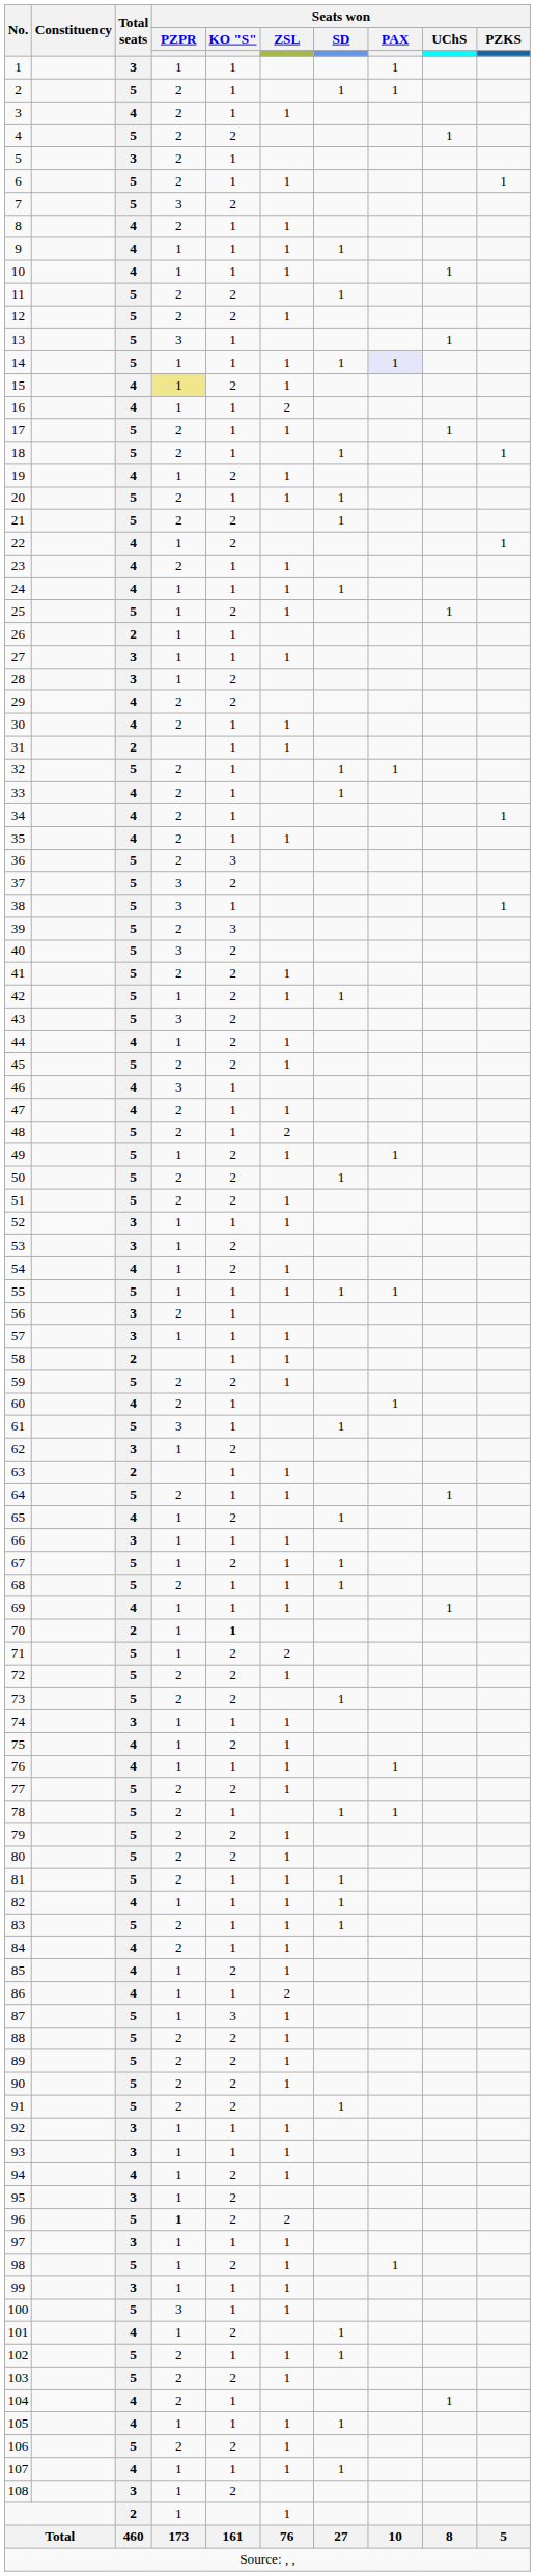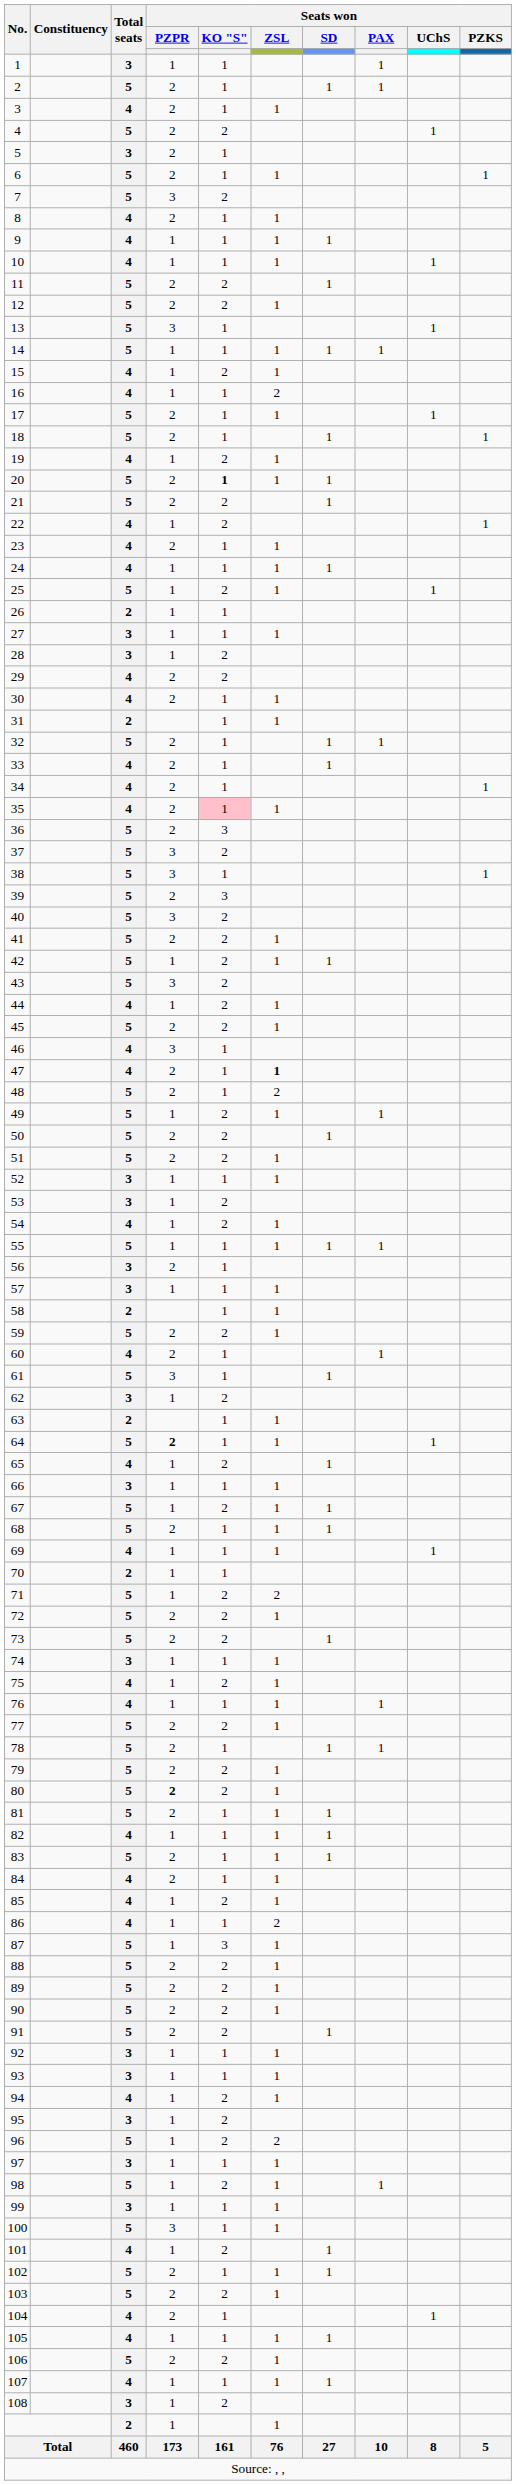 <table class="wikitable" style="text-align:center; font-size: 0.9em;">
 <tr>
 <th rowspan="3">No.</th>
 <th rowspan="3">Constituency</th>
 <th rowspan="3">Total<br>seats</th>
 <th colspan="7">Seats won</th>
 </tr>
 <tr>
 <th class="unsortable" style="width:50px;"><a href='#'>PZPR</a></th>
 <th class="unsortable" style="width:50px;"><a href='#'>KO "S"</a></th>
 <th class="unsortable" style="width:50px;"><a href='#'>ZSL</a></th>
 <th class="unsortable" style="width:50px;"><a href='#'>SD</a></th>
 <th class="unsortable" style="width:50px;"><a href='#'>PAX</a></th>
 <th class="unsortable" style="width:50px;">UChS</th>
 <th class="unsortable" style="width:50px;">PZKS</th>
 </tr>
 <tr>
 <th style="background:"></th>
 <th style="background:"></th>
 <th style="background:#A4BA45;"></th>
 <th style="background:#6495ED;"></th>
 <th style="background:"></th>
 <th style="background:#00FFFF;"></th>
 <th style="background:#1465A4;"></th>
 </tr>
 <tr>
 <td>1</td>
 <td></td>
 <th>3</th>
 <td>1</td>
 <td>1</td>
 <td></td>
 <td></td>
 <td>1</td>
 <td></td>
 <td></td>
 </tr>
 <tr>
 <td>2</td>
 <td></td>
 <th>5</th>
 <td>2</td>
 <td>1</td>
 <td></td>
 <td>1</td>
 <td>1</td>
 <td></td>
 <td></td>
 </tr>
 <tr>
 <td>3</td>
 <td></td>
 <th>4</th>
 <td>2</td>
 <td>1</td>
 <td>1</td>
 <td></td>
 <td></td>
 <td></td>
 <td></td>
 </tr>
 <tr>
 <td>4</td>
 <td></td>
 <th>5</th>
 <td>2</td>
 <td>2</td>
 <td></td>
 <td></td>
 <td></td>
 <td>1</td>
 <td></td>
 </tr>
 <tr>
 <td>5</td>
 <td></td>
 <th>3</th>
 <td>2</td>
 <td>1</td>
 <td></td>
 <td></td>
 <td></td>
 <td></td>
 <td></td>
 </tr>
 <tr>
 <td>6</td>
 <td></td>
 <th>5</th>
 <td>2</td>
 <td>1</td>
 <td>1</td>
 <td></td>
 <td></td>
 <td></td>
 <td>1</td>
 </tr>
 <tr>
 <td>7</td>
 <td></td>
 <th>5</th>
 <td>3</td>
 <td>2</td>
 <td></td>
 <td></td>
 <td></td>
 <td></td>
 <td></td>
 </tr>
 <tr>
 <td>8</td>
 <td></td>
 <th>4</th>
 <td>2</td>
 <td>1</td>
 <td>1</td>
 <td></td>
 <td></td>
 <td></td>
 <td></td>
 </tr>
 <tr>
 <td>9</td>
 <td></td>
 <th>4</th>
 <td>1</td>
 <td>1</td>
 <td>1</td>
 <td>1</td>
 <td></td>
 <td></td>
 <td></td>
 </tr>
 <tr>
 <td>10</td>
 <td></td>
 <th>4</th>
 <td>1</td>
 <td>1</td>
 <td>1</td>
 <td></td>
 <td></td>
 <td>1</td>
 <td></td>
 </tr>
 <tr>
 <td>11</td>
 <td></td>
 <th>5</th>
 <td>2</td>
 <td>2</td>
 <td></td>
 <td>1</td>
 <td></td>
 <td></td>
 <td></td>
 </tr>
 <tr>
 <td>12</td>
 <td></td>
 <th>5</th>
 <td>2</td>
 <td>2</td>
 <td>1</td>
 <td></td>
 <td></td>
 <td></td>
 <td></td>
 </tr>
 <tr>
 <td>13</td>
 <td></td>
 <th>5</th>
 <td>3</td>
 <td>1</td>
 <td></td>
 <td></td>
 <td></td>
 <td>1</td>
 <td></td>
 </tr>
 <tr>
 <td>14</td>
 <td></td>
 <th>5</th>
 <td>1</td>
 <td>1</td>
 <td>1</td>
 <td>1</td>
-<td style="background: lavender;">1</td>
+<td>1</td>
 <td></td>
 <td></td>
 </tr>
 <tr>
 <td>15</td>
 <td></td>
 <th>4</th>
-<td style="background: khaki;">1</td>
+<td>1</td>
 <td>2</td>
 <td>1</td>
 <td></td>
 <td></td>
 <td></td>
 <td></td>
 </tr>
 <tr>
 <td>16</td>
 <td></td>
 <th>4</th>
 <td>1</td>
 <td>1</td>
 <td>2</td>
 <td></td>
 <td></td>
 <td></td>
 <td></td>
 </tr>
 <tr>
 <td>17</td>
 <td></td>
 <th>5</th>
 <td>2</td>
 <td>1</td>
 <td>1</td>
 <td></td>
 <td></td>
 <td>1</td>
 <td></td>
 </tr>
 <tr>
 <td>18</td>
 <td></td>
 <th>5</th>
 <td>2</td>
 <td>1</td>
 <td></td>
 <td>1</td>
 <td></td>
 <td></td>
 <td>1</td>
 </tr>
 <tr>
 <td>19</td>
 <td></td>
 <th>4</th>
 <td>1</td>
 <td>2</td>
 <td>1</td>
 <td></td>
 <td></td>
 <td></td>
 <td></td>
 </tr>
 <tr>
 <td>20</td>
 <td></td>
 <th>5</th>
 <td>2</td>
-<td>1</td>
+<td><strong>1</strong></td>
 <td>1</td>
 <td>1</td>
 <td></td>
 <td></td>
 <td></td>
 </tr>
 <tr>
 <td>21</td>
 <td></td>
 <th>5</th>
 <td>2</td>
 <td>2</td>
 <td></td>
 <td>1</td>
 <td></td>
 <td></td>
 <td></td>
 </tr>
 <tr>
 <td>22</td>
 <td></td>
 <th>4</th>
 <td>1</td>
 <td>2</td>
 <td></td>
 <td></td>
 <td></td>
 <td></td>
 <td>1</td>
 </tr>
 <tr>
 <td>23</td>
 <td></td>
 <th>4</th>
 <td>2</td>
 <td>1</td>
 <td>1</td>
 <td></td>
 <td></td>
 <td></td>
 <td></td>
 </tr>
 <tr>
 <td>24</td>
 <td></td>
 <th>4</th>
 <td>1</td>
 <td>1</td>
 <td>1</td>
 <td>1</td>
 <td></td>
 <td></td>
 <td></td>
 </tr>
 <tr>
 <td>25</td>
 <td></td>
 <th>5</th>
 <td>1</td>
 <td>2</td>
 <td>1</td>
 <td></td>
 <td></td>
 <td>1</td>
 <td></td>
 </tr>
 <tr>
 <td>26</td>
 <td></td>
 <th>2</th>
 <td>1</td>
 <td>1</td>
 <td></td>
 <td></td>
 <td></td>
 <td></td>
 <td></td>
 </tr>
 <tr>
 <td>27</td>
 <td></td>
 <th>3</th>
 <td>1</td>
 <td>1</td>
 <td>1</td>
 <td></td>
 <td></td>
 <td></td>
 <td></td>
 </tr>
 <tr>
 <td>28</td>
 <td></td>
 <th>3</th>
 <td>1</td>
 <td>2</td>
 <td></td>
 <td></td>
 <td></td>
 <td></td>
 <td></td>
 </tr>
 <tr>
 <td>29</td>
 <td></td>
 <th>4</th>
 <td>2</td>
 <td>2</td>
 <td></td>
 <td></td>
 <td></td>
 <td></td>
 <td></td>
 </tr>
 <tr>
 <td>30</td>
 <td></td>
 <th>4</th>
 <td>2</td>
 <td>1</td>
 <td>1</td>
 <td></td>
 <td></td>
 <td></td>
 <td></td>
 </tr>
 <tr>
 <td>31</td>
 <td></td>
 <th>2</th>
 <td></td>
 <td>1</td>
 <td>1</td>
 <td></td>
 <td></td>
 <td></td>
 <td></td>
 </tr>
 <tr>
 <td>32</td>
 <td></td>
 <th>5</th>
 <td>2</td>
 <td>1</td>
 <td></td>
 <td>1</td>
 <td>1</td>
 <td></td>
 <td></td>
 </tr>
 <tr>
 <td>33</td>
 <td></td>
 <th>4</th>
 <td>2</td>
 <td>1</td>
 <td></td>
 <td>1</td>
 <td></td>
 <td></td>
 <td></td>
 </tr>
 <tr>
 <td>34</td>
 <td></td>
 <th>4</th>
 <td>2</td>
 <td>1</td>
 <td></td>
 <td></td>
 <td></td>
 <td></td>
 <td>1</td>
 </tr>
 <tr>
 <td>35</td>
 <td></td>
 <th>4</th>
 <td>2</td>
-<td>1</td>
+<td style="background: pink;">1</td>
 <td>1</td>
 <td></td>
 <td></td>
 <td></td>
 <td></td>
 </tr>
 <tr>
 <td>36</td>
 <td></td>
 <th>5</th>
 <td>2</td>
 <td>3</td>
 <td></td>
 <td></td>
 <td></td>
 <td></td>
 <td></td>
 </tr>
 <tr>
 <td>37</td>
 <td></td>
 <th>5</th>
 <td>3</td>
 <td>2</td>
 <td></td>
 <td></td>
 <td></td>
 <td></td>
 <td></td>
 </tr>
 <tr>
 <td>38</td>
 <td></td>
 <th>5</th>
 <td>3</td>
 <td>1</td>
 <td></td>
 <td></td>
 <td></td>
 <td></td>
 <td>1</td>
 </tr>
 <tr>
 <td>39</td>
 <td></td>
 <th>5</th>
 <td>2</td>
 <td>3</td>
 <td></td>
 <td></td>
 <td></td>
 <td></td>
 <td></td>
 </tr>
 <tr>
 <td>40</td>
 <td></td>
 <th>5</th>
 <td>3</td>
 <td>2</td>
 <td></td>
 <td></td>
 <td></td>
 <td></td>
 <td></td>
 </tr>
 <tr>
 <td>41</td>
 <td></td>
 <th>5</th>
 <td>2</td>
 <td>2</td>
 <td>1</td>
 <td></td>
 <td></td>
 <td></td>
 <td></td>
 </tr>
 <tr>
 <td>42</td>
 <td></td>
 <th>5</th>
 <td>1</td>
 <td>2</td>
 <td>1</td>
 <td>1</td>
 <td></td>
 <td></td>
 <td></td>
 </tr>
 <tr>
 <td>43</td>
 <td></td>
 <th>5</th>
 <td>3</td>
 <td>2</td>
 <td></td>
 <td></td>
 <td></td>
 <td></td>
 <td></td>
 </tr>
 <tr>
 <td>44</td>
 <td></td>
 <th>4</th>
 <td>1</td>
 <td>2</td>
 <td>1</td>
 <td></td>
 <td></td>
 <td></td>
 <td></td>
 </tr>
 <tr>
 <td>45</td>
 <td></td>
 <th>5</th>
 <td>2</td>
 <td>2</td>
 <td>1</td>
 <td></td>
 <td></td>
 <td></td>
 <td></td>
 </tr>
 <tr>
 <td>46</td>
 <td></td>
 <th>4</th>
 <td>3</td>
 <td>1</td>
 <td></td>
 <td></td>
 <td></td>
 <td></td>
 <td></td>
 </tr>
 <tr>
 <td>47</td>
 <td></td>
 <th>4</th>
 <td>2</td>
 <td>1</td>
-<td>1</td>
+<td><strong>1</strong></td>
 <td></td>
 <td></td>
 <td></td>
 <td></td>
 </tr>
 <tr>
 <td>48</td>
 <td></td>
 <th>5</th>
 <td>2</td>
 <td>1</td>
 <td>2</td>
 <td></td>
 <td></td>
 <td></td>
 <td></td>
 </tr>
 <tr>
 <td>49</td>
 <td></td>
 <th>5</th>
 <td>1</td>
 <td>2</td>
 <td>1</td>
 <td></td>
 <td>1</td>
 <td></td>
 <td></td>
 </tr>
 <tr>
 <td>50</td>
 <td></td>
 <th>5</th>
 <td>2</td>
 <td>2</td>
 <td></td>
 <td>1</td>
 <td></td>
 <td></td>
 <td></td>
 </tr>
 <tr>
 <td>51</td>
 <td></td>
 <th>5</th>
 <td>2</td>
 <td>2</td>
 <td>1</td>
 <td></td>
 <td></td>
 <td></td>
 <td></td>
 </tr>
 <tr>
 <td>52</td>
 <td></td>
 <th>3</th>
 <td>1</td>
 <td>1</td>
 <td>1</td>
 <td></td>
 <td></td>
 <td></td>
 <td></td>
 </tr>
 <tr>
 <td>53</td>
 <td></td>
 <th>3</th>
 <td>1</td>
 <td>2</td>
 <td></td>
 <td></td>
 <td></td>
 <td></td>
 <td></td>
 </tr>
 <tr>
 <td>54</td>
 <td></td>
 <th>4</th>
 <td>1</td>
 <td>2</td>
 <td>1</td>
 <td></td>
 <td></td>
 <td></td>
 <td></td>
 </tr>
 <tr>
 <td>55</td>
 <td></td>
 <th>5</th>
 <td>1</td>
 <td>1</td>
 <td>1</td>
 <td>1</td>
 <td>1</td>
 <td></td>
 <td></td>
 </tr>
 <tr>
 <td>56</td>
 <td></td>
 <th>3</th>
 <td>2</td>
 <td>1</td>
 <td></td>
 <td></td>
 <td></td>
 <td></td>
 <td></td>
 </tr>
 <tr>
 <td>57</td>
 <td></td>
 <th>3</th>
 <td>1</td>
 <td>1</td>
 <td>1</td>
 <td></td>
 <td></td>
 <td></td>
 <td></td>
 </tr>
 <tr>
 <td>58</td>
 <td></td>
 <th>2</th>
 <td></td>
 <td>1</td>
 <td>1</td>
 <td></td>
 <td></td>
 <td></td>
 <td></td>
 </tr>
 <tr>
 <td>59</td>
 <td></td>
 <th>5</th>
 <td>2</td>
 <td>2</td>
 <td>1</td>
 <td></td>
 <td></td>
 <td></td>
 <td></td>
 </tr>
 <tr>
 <td>60</td>
 <td></td>
 <th>4</th>
 <td>2</td>
 <td>1</td>
 <td></td>
 <td></td>
 <td>1</td>
 <td></td>
 <td></td>
 </tr>
 <tr>
 <td>61</td>
 <td></td>
 <th>5</th>
 <td>3</td>
 <td>1</td>
 <td></td>
 <td>1</td>
 <td></td>
 <td></td>
 <td></td>
 </tr>
 <tr>
 <td>62</td>
 <td></td>
 <th>3</th>
 <td>1</td>
 <td>2</td>
 <td></td>
 <td></td>
 <td></td>
 <td></td>
 <td></td>
 </tr>
 <tr>
 <td>63</td>
 <td></td>
 <th>2</th>
 <td></td>
 <td>1</td>
 <td>1</td>
 <td></td>
 <td></td>
 <td></td>
 <td></td>
 </tr>
 <tr>
 <td>64</td>
 <td></td>
 <th>5</th>
-<td>2</td>
+<td><strong>2</strong></td>
 <td>1</td>
 <td>1</td>
 <td></td>
 <td></td>
 <td>1</td>
 <td></td>
 </tr>
 <tr>
 <td>65</td>
 <td></td>
 <th>4</th>
 <td>1</td>
 <td>2</td>
 <td></td>
 <td>1</td>
 <td></td>
 <td></td>
 <td></td>
 </tr>
 <tr>
 <td>66</td>
 <td></td>
 <th>3</th>
 <td>1</td>
 <td>1</td>
 <td>1</td>
 <td></td>
 <td></td>
 <td></td>
 <td></td>
 </tr>
 <tr>
 <td>67</td>
 <td></td>
 <th>5</th>
 <td>1</td>
 <td>2</td>
 <td>1</td>
 <td>1</td>
 <td></td>
 <td></td>
 <td></td>
 </tr>
 <tr>
 <td>68</td>
 <td></td>
 <th>5</th>
 <td>2</td>
 <td>1</td>
 <td>1</td>
 <td>1</td>
 <td></td>
 <td></td>
 <td></td>
 </tr>
 <tr>
 <td>69</td>
 <td></td>
 <th>4</th>
 <td>1</td>
 <td>1</td>
 <td>1</td>
 <td></td>
 <td></td>
 <td>1</td>
 <td></td>
 </tr>
 <tr>
 <td>70</td>
 <td></td>
 <th>2</th>
 <td>1</td>
-<td><strong>1</strong></td>
+<td>1</td>
 <td></td>
 <td></td>
 <td></td>
 <td></td>
 <td></td>
 </tr>
 <tr>
 <td>71</td>
 <td></td>
 <th>5</th>
 <td>1</td>
 <td>2</td>
 <td>2</td>
 <td></td>
 <td></td>
 <td></td>
 <td></td>
 </tr>
 <tr>
 <td>72</td>
 <td></td>
 <th>5</th>
 <td>2</td>
 <td>2</td>
 <td>1</td>
 <td></td>
 <td></td>
 <td></td>
 <td></td>
 </tr>
 <tr>
 <td>73</td>
 <td></td>
 <th>5</th>
 <td>2</td>
 <td>2</td>
 <td></td>
 <td>1</td>
 <td></td>
 <td></td>
 <td></td>
 </tr>
 <tr>
 <td>74</td>
 <td></td>
 <th>3</th>
 <td>1</td>
 <td>1</td>
 <td>1</td>
 <td></td>
 <td></td>
 <td></td>
 <td></td>
 </tr>
 <tr>
 <td>75</td>
 <td></td>
 <th>4</th>
 <td>1</td>
 <td>2</td>
 <td>1</td>
 <td></td>
 <td></td>
 <td></td>
 <td></td>
 </tr>
 <tr>
 <td>76</td>
 <td></td>
 <th>4</th>
 <td>1</td>
 <td>1</td>
 <td>1</td>
 <td></td>
 <td>1</td>
 <td></td>
 <td></td>
 </tr>
 <tr>
 <td>77</td>
 <td></td>
 <th>5</th>
 <td>2</td>
 <td>2</td>
 <td>1</td>
 <td></td>
 <td></td>
 <td></td>
 <td></td>
 </tr>
 <tr>
 <td>78</td>
 <td></td>
 <th>5</th>
 <td>2</td>
 <td>1</td>
 <td></td>
 <td>1</td>
 <td>1</td>
 <td></td>
 <td></td>
 </tr>
 <tr>
 <td>79</td>
 <td></td>
 <th>5</th>
 <td>2</td>
 <td>2</td>
 <td>1</td>
 <td></td>
 <td></td>
 <td></td>
 <td></td>
 </tr>
 <tr>
 <td>80</td>
 <td></td>
 <th>5</th>
-<td>2</td>
+<td><strong>2</strong></td>
 <td>2</td>
 <td>1</td>
 <td></td>
 <td></td>
 <td></td>
 <td></td>
 </tr>
 <tr>
 <td>81</td>
 <td></td>
 <th>5</th>
 <td>2</td>
 <td>1</td>
 <td>1</td>
 <td>1</td>
 <td></td>
 <td></td>
 <td></td>
 </tr>
 <tr>
 <td>82</td>
 <td></td>
 <th>4</th>
 <td>1</td>
 <td>1</td>
 <td>1</td>
 <td>1</td>
 <td></td>
 <td></td>
 <td></td>
 </tr>
 <tr>
 <td>83</td>
 <td></td>
 <th>5</th>
 <td>2</td>
 <td>1</td>
 <td>1</td>
 <td>1</td>
 <td></td>
 <td></td>
 <td></td>
 </tr>
 <tr>
 <td>84</td>
 <td></td>
 <th>4</th>
 <td>2</td>
 <td>1</td>
 <td>1</td>
 <td></td>
 <td></td>
 <td></td>
 <td></td>
 </tr>
 <tr>
 <td>85</td>
 <td></td>
 <th>4</th>
 <td>1</td>
 <td>2</td>
 <td>1</td>
 <td></td>
 <td></td>
 <td></td>
 <td></td>
 </tr>
 <tr>
 <td>86</td>
 <td></td>
 <th>4</th>
 <td>1</td>
 <td>1</td>
 <td>2</td>
 <td></td>
 <td></td>
 <td></td>
 <td></td>
 </tr>
 <tr>
 <td>87</td>
 <td></td>
 <th>5</th>
 <td>1</td>
 <td>3</td>
 <td>1</td>
 <td></td>
 <td></td>
 <td></td>
 <td></td>
 </tr>
 <tr>
 <td>88</td>
 <td></td>
 <th>5</th>
 <td>2</td>
 <td>2</td>
 <td>1</td>
 <td></td>
 <td></td>
 <td></td>
 <td></td>
 </tr>
 <tr>
 <td>89</td>
 <td></td>
 <th>5</th>
 <td>2</td>
 <td>2</td>
 <td>1</td>
 <td></td>
 <td></td>
 <td></td>
 <td></td>
 </tr>
 <tr>
 <td>90</td>
 <td></td>
 <th>5</th>
 <td>2</td>
 <td>2</td>
 <td>1</td>
 <td></td>
 <td></td>
 <td></td>
 <td></td>
 </tr>
 <tr>
 <td>91</td>
 <td></td>
 <th>5</th>
 <td>2</td>
 <td>2</td>
 <td></td>
 <td>1</td>
 <td></td>
 <td></td>
 <td></td>
 </tr>
 <tr>
 <td>92</td>
 <td></td>
 <th>3</th>
 <td>1</td>
 <td>1</td>
 <td>1</td>
 <td></td>
 <td></td>
 <td></td>
 <td></td>
 </tr>
 <tr>
 <td>93</td>
 <td></td>
 <th>3</th>
 <td>1</td>
 <td>1</td>
 <td>1</td>
 <td></td>
 <td></td>
 <td></td>
 <td></td>
 </tr>
 <tr>
 <td>94</td>
 <td></td>
 <th>4</th>
 <td>1</td>
 <td>2</td>
 <td>1</td>
 <td></td>
 <td></td>
 <td></td>
 <td></td>
 </tr>
 <tr>
 <td>95</td>
 <td></td>
 <th>3</th>
 <td>1</td>
 <td>2</td>
 <td></td>
 <td></td>
 <td></td>
 <td></td>
 <td></td>
 </tr>
 <tr>
 <td>96</td>
 <td></td>
 <th>5</th>
-<td><strong>1</strong></td>
+<td>1</td>
 <td>2</td>
 <td>2</td>
 <td></td>
 <td></td>
 <td></td>
 <td></td>
 </tr>
 <tr>
 <td>97</td>
 <td></td>
 <th>3</th>
 <td>1</td>
 <td>1</td>
 <td>1</td>
 <td></td>
 <td></td>
 <td></td>
 <td></td>
 </tr>
 <tr>
 <td>98</td>
 <td></td>
 <th>5</th>
 <td>1</td>
 <td>2</td>
 <td>1</td>
 <td></td>
 <td>1</td>
 <td></td>
 <td></td>
 </tr>
 <tr>
 <td>99</td>
 <td></td>
 <th>3</th>
 <td>1</td>
 <td>1</td>
 <td>1</td>
 <td></td>
 <td></td>
 <td></td>
 <td></td>
 </tr>
 <tr>
 <td>100</td>
 <td></td>
 <th>5</th>
 <td>3</td>
 <td>1</td>
 <td>1</td>
 <td></td>
 <td></td>
 <td></td>
 <td></td>
 </tr>
 <tr>
 <td>101</td>
 <td></td>
 <th>4</th>
 <td>1</td>
 <td>2</td>
 <td></td>
 <td>1</td>
 <td></td>
 <td></td>
 <td></td>
 </tr>
 <tr>
 <td>102</td>
 <td></td>
 <th>5</th>
 <td>2</td>
 <td>1</td>
 <td>1</td>
 <td>1</td>
 <td></td>
 <td></td>
 <td></td>
 </tr>
 <tr>
 <td>103</td>
 <td></td>
 <th>5</th>
 <td>2</td>
 <td>2</td>
 <td>1</td>
 <td></td>
 <td></td>
 <td></td>
 <td></td>
 </tr>
 <tr>
 <td>104</td>
 <td></td>
 <th>4</th>
 <td>2</td>
 <td>1</td>
 <td></td>
 <td></td>
 <td></td>
 <td>1</td>
 <td></td>
 </tr>
 <tr>
 <td>105</td>
 <td></td>
 <th>4</th>
 <td>1</td>
 <td>1</td>
 <td>1</td>
 <td>1</td>
 <td></td>
 <td></td>
 <td></td>
 </tr>
 <tr>
 <td>106</td>
 <td></td>
 <th>5</th>
 <td>2</td>
 <td>2</td>
 <td>1</td>
 <td></td>
 <td></td>
 <td></td>
 <td></td>
 </tr>
 <tr>
 <td>107</td>
 <td></td>
 <th>4</th>
 <td>1</td>
 <td>1</td>
 <td>1</td>
 <td>1</td>
 <td></td>
 <td></td>
 <td></td>
 </tr>
 <tr>
 <td>108</td>
 <td></td>
 <th>3</th>
 <td>1</td>
 <td>2</td>
 <td></td>
 <td></td>
 <td></td>
 <td></td>
 <td></td>
 </tr>
 <tr>
 <td colspan="2"></td>
 <th>2</th>
 <td>1</td>
 <td></td>
 <td>1</td>
 <td></td>
 <td></td>
 <td></td>
 <td></td>
 </tr>
 <tr>
 <th colspan="2">Total</th>
 <th>460</th>
 <th>173</th>
 <th>161</th>
 <th>76</th>
 <th>27</th>
 <th>10</th>
 <th>8</th>
 <th>5</th>
 </tr>
 <tr>
 <td colspan="10">Source: , , </td>
 </tr>
 </table>
